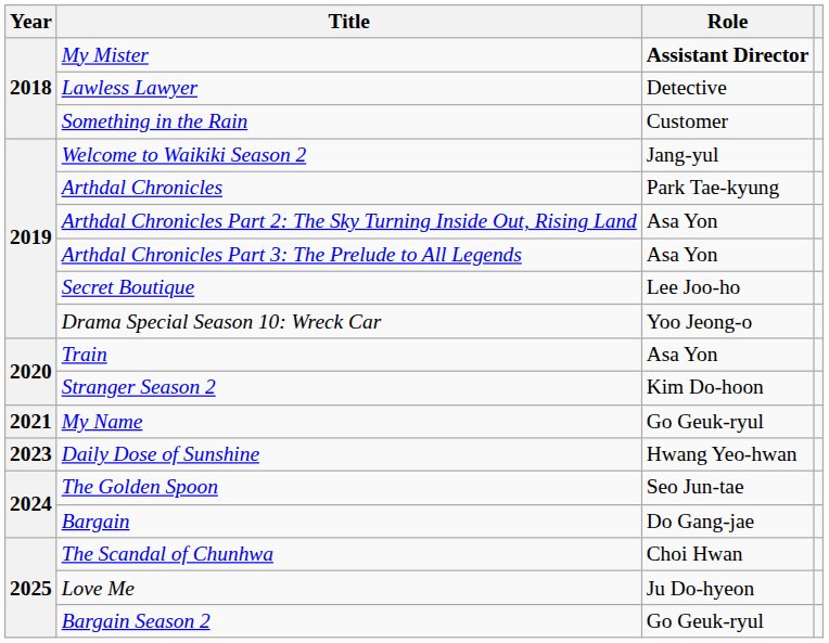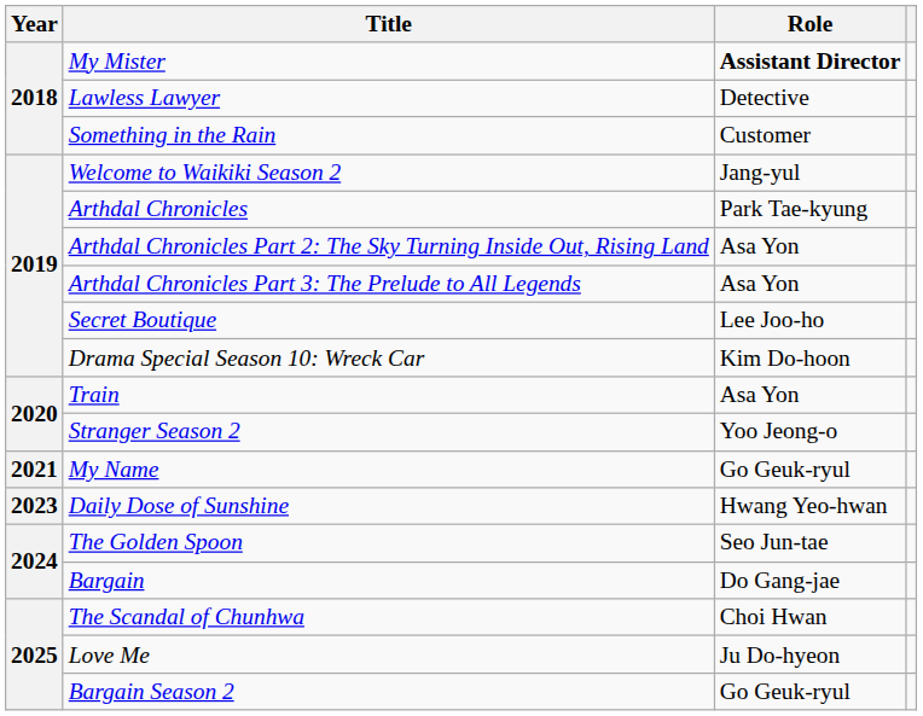 <table class="wikitable plainrowheaders sortable">
 <tr>
 <th scope="col">Year</th>
 <th scope="col">Title</th>
 <th scope="col">Role</th>
 <th scope="col" class="unsortable"></th>
 </tr>
 <tr>
 <th scope="row" rowspan="3">2018</th>
 <td><em><a href='#'>My Mister</a></em></td>
 <td><strong>Assistant Director</strong></td>
 <td style="test-align:center"></td>
 </tr>
 <tr>
 <td><em><a href='#'>Lawless Lawyer</a></em></td>
 <td>Detective</td>
 <td style="test-align:center"></td>
 </tr>
 <tr>
 <td><em><a href='#'>Something in the Rain</a></em></td>
 <td>Customer</td>
 <td style="test-align:center"></td>
 </tr>
 <tr>
 <th scope="row" rowspan="6">2019</th>
 <td><em><a href='#'>Welcome to Waikiki Season 2</a></em></td>
 <td>Jang-yul</td>
 <td style="test-align:center"></td>
 </tr>
 <tr>
 <td><em><a href='#'>Arthdal Chronicles</a></em></td>
 <td>Park Tae-kyung</td>
 <td style="test-align:center"></td>
 </tr>
 <tr>
 <td><em><a href='#'>Arthdal Chronicles Part 2: The Sky Turning Inside Out, Rising Land</a></em></td>
 <td>Asa Yon</td>
 <td style="test-align:center"></td>
 </tr>
 <tr>
 <td><em><a href='#'>Arthdal Chronicles Part 3: The Prelude to All Legends</a></em></td>
 <td>Asa Yon</td>
 <td style="test-align:center"></td>
 </tr>
 <tr>
 <td><em><a href='#'>Secret Boutique</a></em></td>
 <td>Lee Joo-ho</td>
 <td style="test-align:center"></td>
 </tr>
 <tr>
 <td><em>Drama Special Season 10: Wreck Car</em></td>
-<td>Yoo Jeong-o</td>
+<td>Kim Do-hoon</td>
 <td style="text-align:center"></td>
 </tr>
 <tr>
 <th scope="row" rowspan="2">2020</th>
 <td><em><a href='#'>Train</a></em></td>
 <td>Asa Yon</td>
 <td style="text-align:center"></td>
 </tr>
 <tr>
 <td><em><a href='#'>Stranger Season 2</a></em></td>
-<td>Kim Do-hoon</td>
+<td>Yoo Jeong-o</td>
 <td style="text-align:center"></td>
 </tr>
 <tr>
 <th scope="row">2021</th>
 <td><em><a href='#'>My Name</a></em></td>
 <td>Go Geuk-ryul</td>
 <td style="text-align:center"></td>
 </tr>
 <tr>
 <th scope="row">2023</th>
 <td><em><a href='#'>Daily Dose of Sunshine</a></em></td>
 <td>Hwang Yeo-hwan</td>
 <td style="text-align:center"></td>
 </tr>
 <tr>
 <th scope="row" rowspan="2">2024</th>
 <td><em><a href='#'>The Golden Spoon</a></em></td>
 <td>Seo Jun-tae</td>
 <td style="text-align:center"></td>
 </tr>
 <tr>
 <td><em><a href='#'>Bargain</a></em></td>
 <td>Do Gang-jae</td>
 <td style="text-align:center"></td>
 </tr>
 <tr>
 <th scope="row" rowspan="3">2025</th>
 <td><em><a href='#'>The Scandal of Chunhwa</a></em></td>
 <td>Choi Hwan</td>
 <td style="text-align:center"></td>
 </tr>
 <tr>
 <td><em>Love Me</em></td>
 <td>Ju Do-hyeon</td>
 <td style="text-align:center"></td>
 </tr>
 <tr>
 <td><em><a href='#'>Bargain Season 2</a></em></td>
 <td>Go Geuk-ryul</td>
 <td style="text-align:center"></td>
 </tr>
 </table>
